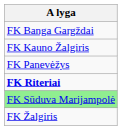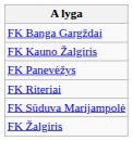 <table class="wikitable">
 <tr>
 <th>A lyga</th>
 </tr>
 <tr>
 <td><a href='#'>FK Banga Gargždai</a></td>
 </tr>
 <tr>
 <td><a href='#'>FK Kauno Žalgiris</a></td>
 </tr>
 <tr>
 <td><a href='#'>FK Panevėžys</a></td>
 </tr>
 <tr>
-<td><strong><a href='#'>FK Riteriai</a></strong></td>
+<td><a href='#'>FK Riteriai</a></td>
 </tr>
 <tr>
-<td style="background: lightgreen;"><a href='#'>FK Sūduva Marijampolė</a></td>
+<td><a href='#'>FK Sūduva Marijampolė</a></td>
 </tr>
 <tr>
 <td><a href='#'>FK Žalgiris</a></td>
 </tr>
 </table>
